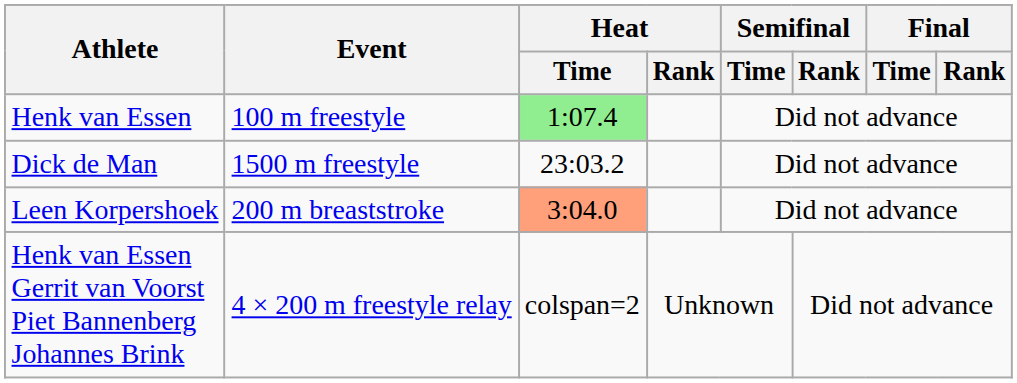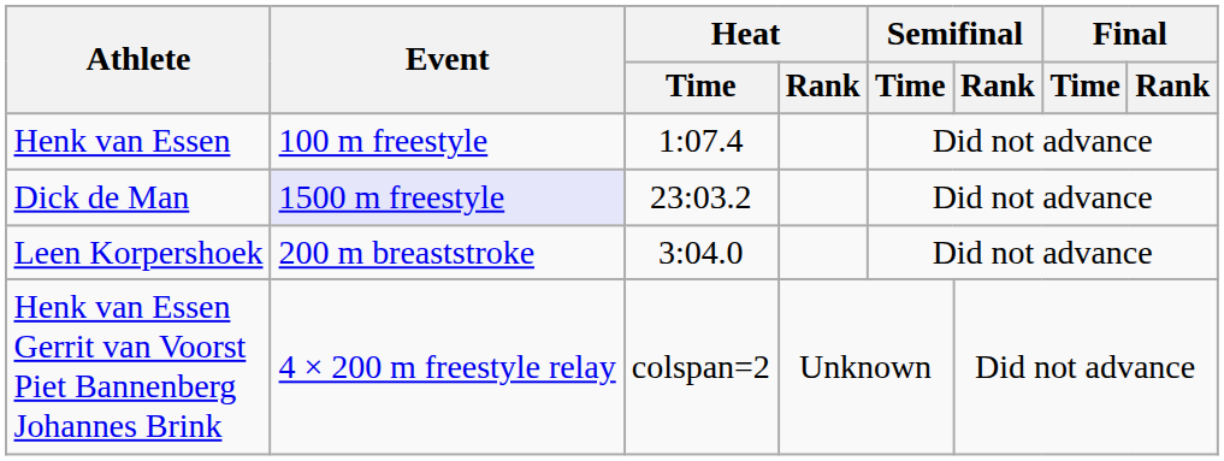 <table class=wikitable style="font-size:90%;">
 <tr>
 <th rowspan=2>Athlete</th>
 <th rowspan=2>Event</th>
 <th colspan=2>Heat</th>
 <th colspan=2>Semifinal</th>
 <th colspan=2>Final</th>
 </tr>
 <tr style="font-size:95%">
 <th>Time</th>
 <th>Rank</th>
 <th>Time</th>
 <th>Rank</th>
 <th>Time</th>
 <th>Rank</th>
 </tr>
 <tr align=center>
 <td align=left><a href='#'>Henk van Essen</a></td>
 <td align=left><a href='#'>100 m freestyle</a></td>
-<td style="background: lightgreen;">1:07.4</td>
+<td>1:07.4</td>
 <td></td>
 <td colspan=4>Did not advance</td>
 </tr>
 <tr align=center>
 <td align=left><a href='#'>Dick de Man</a></td>
-<td align=left><a href='#'>1500 m freestyle</a></td>
+<td align=left style="background: lavender;"><a href='#'>1500 m freestyle</a></td>
 <td>23:03.2</td>
 <td></td>
 <td colspan=4>Did not advance</td>
 </tr>
 <tr align=center>
 <td align=left><a href='#'>Leen Korpershoek</a></td>
 <td align=left><a href='#'>200 m breaststroke</a></td>
-<td style="background: lightsalmon;">3:04.0</td>
+<td>3:04.0</td>
 <td></td>
 <td colspan=4>Did not advance</td>
 </tr>
 <tr align=center>
 <td align=left><a href='#'>Henk van Essen</a><br><a href='#'>Gerrit van Voorst</a><br><a href='#'>Piet Bannenberg</a><br><a href='#'>Johannes Brink</a></td>
 <td align=left><a href='#'>4 × 200 m freestyle relay</a></td>
 <td>colspan=2 </td>
 <td colspan=2>Unknown</td>
 <td colspan=4>Did not advance</td>
 </tr>
 </table>
